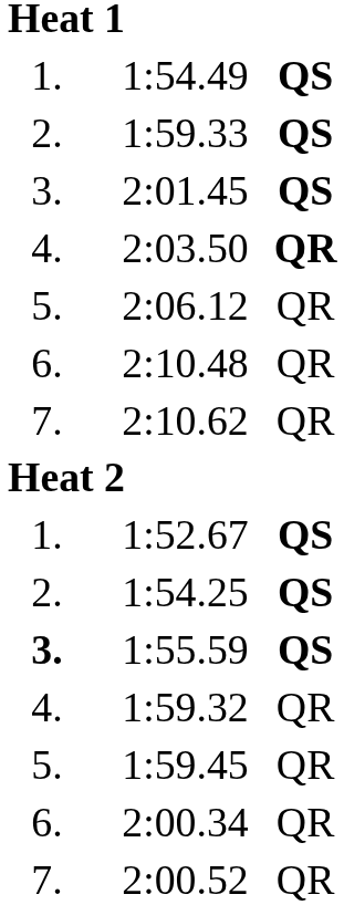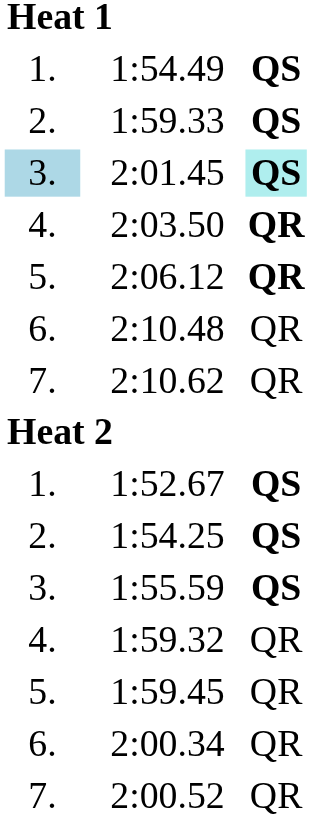 <table style="text-align:center">
 <tr>
 <td colspan=4 align=left><strong>Heat 1</strong></td>
 </tr>
 <tr>
 <td width=30>1.</td>
 <td align=left></td>
 <td width=60>1:54.49</td>
 <td><strong>QS</strong></td>
 </tr>
 <tr>
 <td>2.</td>
 <td align=left></td>
 <td>1:59.33</td>
 <td><strong>QS</strong></td>
 </tr>
 <tr>
-<td>3.</td>
+<td style="background: lightblue;">3.</td>
 <td align=left></td>
 <td>2:01.45</td>
-<td><strong>QS</strong></td>
+<td style="background: paleturquoise;"><strong>QS</strong></td>
 </tr>
 <tr>
 <td>4.</td>
 <td align=left></td>
 <td>2:03.50</td>
 <td><strong>QR</strong></td>
 </tr>
 <tr>
 <td>5.</td>
 <td align=left></td>
 <td>2:06.12</td>
-<td>QR</td>
+<td><strong>QR</strong></td>
 </tr>
 <tr>
 <td>6.</td>
 <td align=left></td>
 <td>2:10.48</td>
 <td>QR</td>
 </tr>
 <tr>
 <td>7.</td>
 <td align=left></td>
 <td>2:10.62</td>
 <td>QR</td>
 </tr>
 <tr>
 <td colspan=4 align=left><strong>Heat 2</strong></td>
 </tr>
 <tr>
 <td>1.</td>
 <td align=left></td>
 <td>1:52.67</td>
 <td><strong>QS</strong></td>
 </tr>
 <tr>
 <td>2.</td>
 <td align=left></td>
 <td>1:54.25</td>
 <td><strong>QS</strong></td>
 </tr>
 <tr>
-<td><strong>3.</strong></td>
+<td>3.</td>
 <td align=left></td>
 <td>1:55.59</td>
 <td><strong>QS</strong></td>
 </tr>
 <tr>
 <td>4.</td>
 <td align=left></td>
 <td>1:59.32</td>
 <td>QR</td>
 </tr>
 <tr>
 <td>5.</td>
 <td align=left></td>
 <td>1:59.45</td>
 <td>QR</td>
 </tr>
 <tr>
 <td>6.</td>
 <td align=left></td>
 <td>2:00.34</td>
 <td>QR</td>
 </tr>
 <tr>
 <td>7.</td>
 <td align=left></td>
 <td>2:00.52</td>
 <td>QR</td>
 </tr>
 </table>
